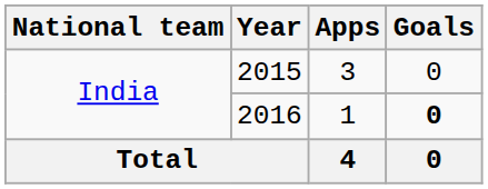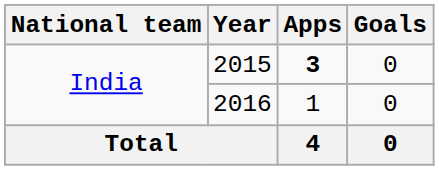 <table class="wikitable" style="text-align: center;">
 <tr>
 <th>National team</th>
 <th>Year</th>
 <th>Apps</th>
 <th>Goals</th>
 </tr>
 <tr>
 <td rowspan="2"><a href='#'>India</a></td>
 <td>2015</td>
-<td>3</td>
+<td><strong>3</strong></td>
 <td>0</td>
 </tr>
 <tr>
 <td>2016</td>
 <td>1</td>
-<td><strong>0</strong></td>
+<td>0</td>
 </tr>
 <tr>
 <th colspan="2">Total</th>
 <th>4</th>
 <th>0</th>
 </tr>
 </table>
